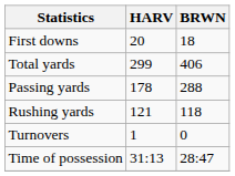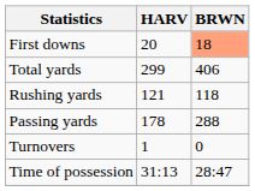 <table class="wikitable" style="float: left;">
 <tr>
 <th>Statistics</th>
 <th>HARV</th>
 <th>BRWN</th>
 </tr>
 <tr>
 <td>First downs</td>
 <td>20</td>
-<td>18</td>
+<td style="background: lightsalmon;">18</td>
 </tr>
 <tr>
 <td>Total yards</td>
 <td>299</td>
 <td>406</td>
 </tr>
 <tr>
+<td>Rushing yards</td>
+<td>121</td>
+<td>118</td>
+</tr>
+<tr>
 <td>Passing yards</td>
 <td>178</td>
 <td>288</td>
-</tr>
-<tr>
-<td>Rushing yards</td>
-<td>121</td>
-<td>118</td>
 </tr>
 <tr>
 <td>Turnovers</td>
 <td>1</td>
 <td>0</td>
 </tr>
 <tr>
 <td>Time of possession</td>
 <td>31:13</td>
 <td>28:47</td>
 </tr>
 <tr>
 </tr>
 </table>
